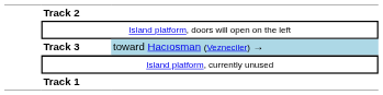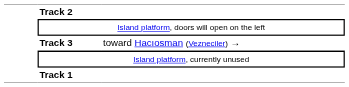 <table cellspacing="0" cellpadding="3">
 <tr>
 <td style="border-bottom:solid 1px gray;border-top:solid 1px gray;vertical-align:top;" width=50 rowspan=5></td>
 <td style="border-top:solid 1px gray;" width=100><strong>Track 2</strong></td>
 <td style="border-top:solid 1px gray;" width=400></td>
 </tr>
 <tr>
 <td style="border-top:solid 2px black;border-right:solid 2px black;border-left:solid 2px black;border-bottom:solid 2px black;text-align:center;" colspan=2><small><a href='#'>Island platform</a>, doors will open on the left </small></td>
 </tr>
 <tr>
 <td style="border-bottom:solid 1px gray;"><strong>Track 3</strong></td>
-<td style="background: lightblue; border-bottom:solid 1px gray;"> toward <a href='#'>Hacıosman</a> <small>(<a href='#'>Vezneciler</a>)</small> →</td>
+<td style="border-bottom:solid 1px gray;"> toward <a href='#'>Hacıosman</a> <small>(<a href='#'>Vezneciler</a>)</small> →</td>
 </tr>
 <tr>
 <td style="border-top:solid 2px black;border-right:solid 2px black;border-left:solid 2px black;border-bottom:solid 2px black;text-align:center;" colspan=2><small><a href='#'>Island platform</a>, currently unused </small></td>
 </tr>
 <tr>
 <td style="border-bottom:solid 1px gray;"><strong>Track 1</strong></td>
 <td style="border-bottom:solid 1px gray;"></td>
 </tr>
 </table>
